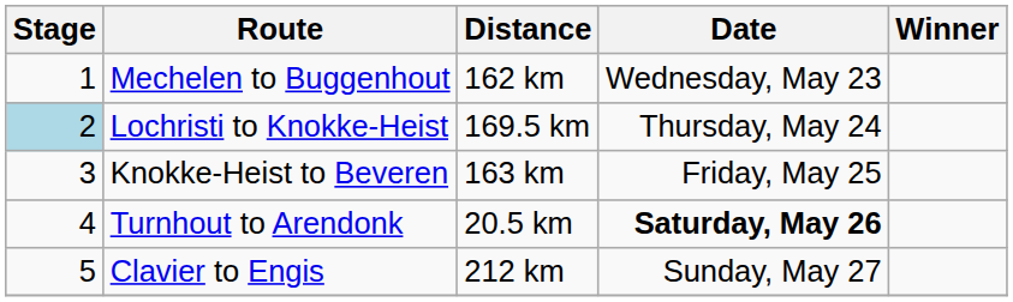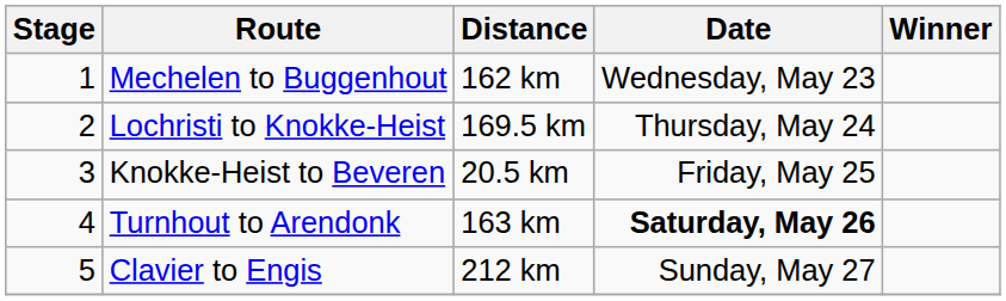 <table class="wikitable">
 <tr>
 <th>Stage</th>
 <th>Route</th>
 <th>Distance</th>
 <th>Date</th>
 <th>Winner</th>
 </tr>
 <tr>
 <td align=right>1</td>
 <td><a href='#'>Mechelen</a> to <a href='#'>Buggenhout</a></td>
 <td> 162 km</td>
 <td align=right>Wednesday, May 23</td>
 <td></td>
 </tr>
 <tr>
-<td align=right style="background: lightblue;">2</td>
+<td align=right>2</td>
 <td><a href='#'>Lochristi</a> to <a href='#'>Knokke-Heist</a></td>
 <td> 169.5 km</td>
 <td align=right>Thursday, May 24</td>
 <td></td>
 </tr>
 <tr>
 <td align=right>3</td>
 <td>Knokke-Heist to <a href='#'>Beveren</a></td>
-<td> 163 km</td>
+<td> 20.5 km</td>
 <td align=right>Friday, May 25</td>
 <td></td>
 </tr>
 <tr>
 <td align=right>4</td>
 <td><a href='#'>Turnhout</a> to <a href='#'>Arendonk</a></td>
-<td> 20.5 km</td>
+<td> 163 km</td>
 <td align=right><strong>Saturday, May 26</strong></td>
 <td></td>
 </tr>
 <tr>
 <td align=right>5</td>
 <td><a href='#'>Clavier</a> to <a href='#'>Engis</a></td>
 <td> 212 km</td>
 <td align=right>Sunday, May 27</td>
 <td></td>
 </tr>
 <tr>
 </tr>
 </table>
